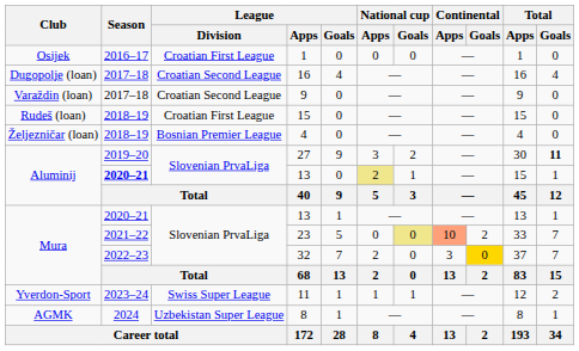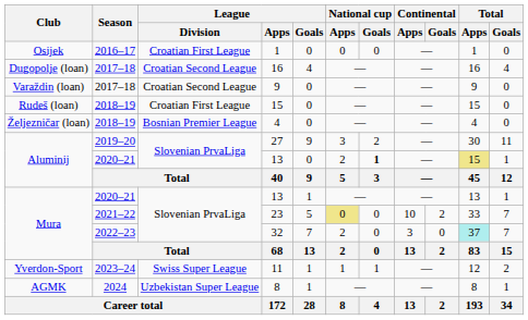 <table class="wikitable" style="text-align:center">
 <tr>
 <th rowspan="2">Club</th>
 <th rowspan="2">Season</th>
 <th colspan="3">League</th>
 <th colspan="2">National cup</th>
 <th colspan="2">Continental</th>
 <th colspan="2">Total</th>
 </tr>
 <tr>
 <th>Division</th>
 <th>Apps</th>
 <th>Goals</th>
 <th>Apps</th>
 <th>Goals</th>
 <th>Apps</th>
 <th>Goals</th>
 <th>Apps</th>
 <th>Goals</th>
 </tr>
 <tr>
 <td><a href='#'>Osijek</a></td>
 <td><a href='#'>2016–17</a></td>
 <td><a href='#'>Croatian First League</a></td>
 <td>1</td>
 <td>0</td>
 <td>0</td>
 <td>0</td>
 <td colspan=2>—</td>
 <td>1</td>
 <td>0</td>
 </tr>
 <tr>
 <td><a href='#'>Dugopolje</a> (loan)</td>
 <td><a href='#'>2017–18</a></td>
 <td><a href='#'>Croatian Second League</a></td>
 <td>16</td>
 <td>4</td>
 <td colspan=2>—</td>
 <td colspan=2>—</td>
 <td>16</td>
 <td>4</td>
 </tr>
 <tr>
 <td><a href='#'>Varaždin</a> (loan)</td>
 <td>2017–18</td>
 <td>Croatian Second League</td>
 <td>9</td>
 <td>0</td>
 <td colspan=2>—</td>
 <td colspan=2>—</td>
 <td>9</td>
 <td>0</td>
 </tr>
 <tr>
 <td><a href='#'>Rudeš</a> (loan)</td>
 <td><a href='#'>2018–19</a></td>
 <td>Croatian First League</td>
 <td>15</td>
 <td>0</td>
 <td colspan=2>—</td>
 <td colspan=2>—</td>
 <td>15</td>
 <td>0</td>
 </tr>
 <tr>
 <td><a href='#'>Željezničar</a> (loan)</td>
 <td><a href='#'>2018–19</a></td>
 <td><a href='#'>Bosnian Premier League</a></td>
 <td>4</td>
 <td>0</td>
 <td colspan=2>—</td>
 <td colspan=2>—</td>
 <td>4</td>
 <td>0</td>
 </tr>
 <tr>
 <td rowspan="3"><a href='#'>Aluminij</a></td>
 <td><a href='#'>2019–20</a></td>
 <td rowspan="2"><a href='#'>Slovenian PrvaLiga</a></td>
 <td>27</td>
 <td>9</td>
 <td>3</td>
 <td>2</td>
 <td colspan=2>—</td>
 <td>30</td>
-<td><strong>11</strong></td>
+<td>11</td>
 </tr>
 <tr>
-<td><strong><a href='#'>2020–21</a></strong></td>
+<td><a href='#'>2020–21</a></td>
 <td>13</td>
 <td>0</td>
-<td style="background: khaki;">2</td>
-<td>1</td>
+<td>2</td>
+<td><strong>1</strong></td>
 <td colspan=2>—</td>
-<td>15</td>
+<td style="background: khaki;">15</td>
 <td>1</td>
 </tr>
 <tr>
 <th colspan=2>Total</th>
 <th>40</th>
 <th>9</th>
 <th>5</th>
 <th>3</th>
 <th colspan=2>—</th>
 <th>45</th>
 <th>12</th>
 </tr>
 <tr>
 <td rowspan="4"><a href='#'>Mura</a></td>
 <td><a href='#'>2020–21</a></td>
 <td rowspan="3">Slovenian PrvaLiga</td>
 <td>13</td>
 <td>1</td>
 <td colspan=2>—</td>
 <td colspan=2>—</td>
 <td>13</td>
 <td>1</td>
 </tr>
 <tr>
 <td><a href='#'>2021–22</a></td>
 <td>23</td>
 <td>5</td>
+<td style="background: khaki;">0</td>
 <td>0</td>
-<td style="background: khaki;">0</td>
-<td style="background: lightsalmon;">10</td>
+<td>10</td>
 <td>2</td>
 <td>33</td>
 <td>7</td>
 </tr>
 <tr>
 <td><a href='#'>2022–23</a></td>
 <td>32</td>
 <td>7</td>
 <td>2</td>
 <td>0</td>
 <td>3</td>
-<td style="background: gold;">0</td>
-<td>37</td>
+<td>0</td>
+<td style="background: paleturquoise;">37</td>
 <td>7</td>
 </tr>
 <tr>
 <th colspan=2>Total</th>
 <th>68</th>
 <th>13</th>
 <th>2</th>
 <th>0</th>
 <th>13</th>
 <th>2</th>
 <th>83</th>
 <th>15</th>
 </tr>
 <tr>
 <td><a href='#'>Yverdon-Sport</a></td>
 <td><a href='#'>2023–24</a></td>
 <td><a href='#'>Swiss Super League</a></td>
 <td>11</td>
 <td>1</td>
 <td>1</td>
 <td>1</td>
 <td colspan=2>—</td>
 <td>12</td>
 <td>2</td>
 </tr>
 <tr>
 <td><a href='#'>AGMK</a></td>
 <td><a href='#'>2024</a></td>
 <td><a href='#'>Uzbekistan Super League</a></td>
 <td>8</td>
 <td>1</td>
 <td colspan=2>—</td>
 <td colspan=2>—</td>
 <td>8</td>
 <td>1</td>
 </tr>
 <tr>
 <th colspan=3>Career total</th>
 <th>172</th>
 <th>28</th>
 <th>8</th>
 <th>4</th>
 <th>13</th>
 <th>2</th>
 <th>193</th>
 <th>34</th>
 </tr>
 </table>
